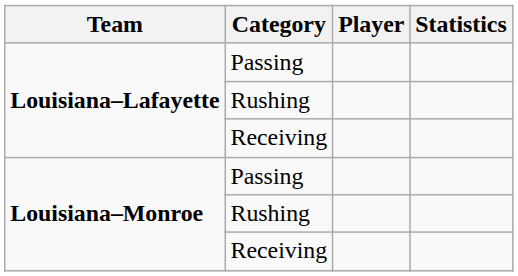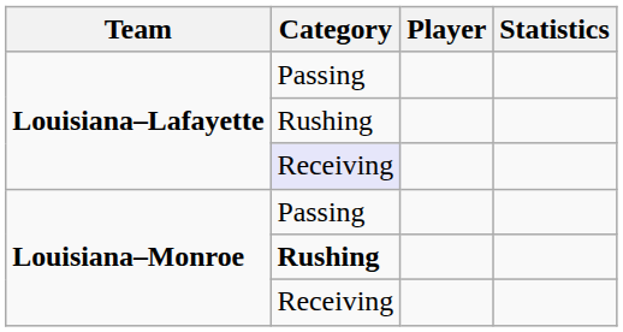 <table class="wikitable" style="float: left;">
 <tr>
 <th>Team</th>
 <th>Category</th>
 <th>Player</th>
 <th>Statistics</th>
 </tr>
 <tr>
 <td rowspan=3><strong>Louisiana–Lafayette</strong></td>
 <td>Passing</td>
 <td></td>
 <td></td>
 </tr>
 <tr>
 <td>Rushing</td>
 <td></td>
 <td></td>
 </tr>
 <tr>
-<td>Receiving</td>
+<td style="background: lavender;">Receiving</td>
 <td></td>
 <td></td>
 </tr>
 <tr>
 <td rowspan=3><strong>Louisiana–Monroe</strong></td>
 <td>Passing</td>
 <td></td>
 <td></td>
 </tr>
 <tr>
-<td>Rushing</td>
+<td><strong>Rushing</strong></td>
 <td></td>
 <td></td>
 </tr>
 <tr>
 <td>Receiving</td>
 <td></td>
 <td></td>
 </tr>
 </table>
